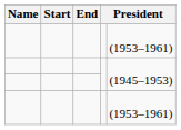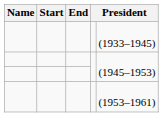 <table class="wikitable sortable">
 <tr>
 <th>Name</th>
 <th>Start</th>
 <th>End</th>
 <th colspan=2>President</th>
 </tr>
 <tr>
 <td rowspan=2></td>
 <td rowspan=2></td>
 <td rowspan=2></td>
 <td style="background: "></td>
-<td><br>(1953–1961)</td>
+<td><br>(1933–1945)</td>
 </tr>
 <tr>
 <td rowspan=3 style="background: "></td>
 <td rowspan=3><br>(1945–1953)</td>
 </tr>
 <tr>
 <td></td>
 <td></td>
 <td></td>
 </tr>
 <tr>
 <td></td>
 <td></td>
 <td></td>
 </tr>
 <tr>
 <td></td>
 <td></td>
 <td></td>
 <td style="background: "></td>
 <td><br>(1953–1961)</td>
 </tr>
 </table>
